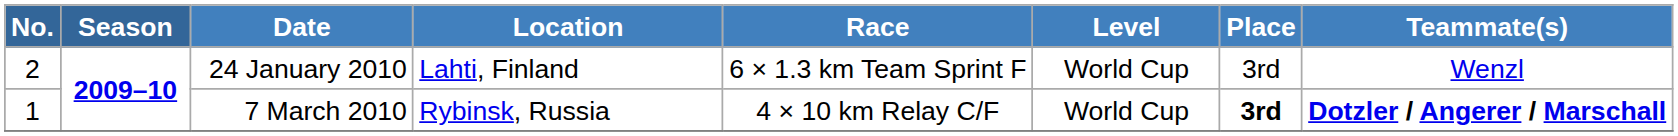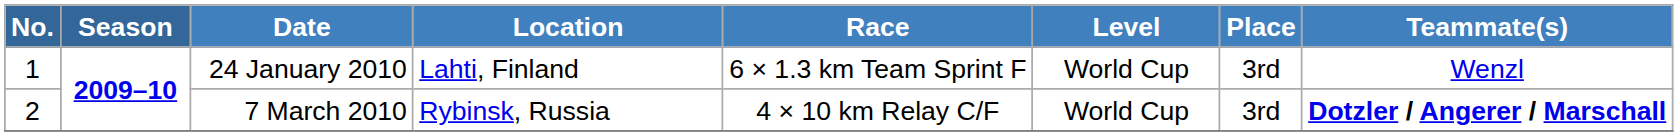 <table class="wikitable sortable" style="font-size:95%; text-align:center; border:grey solid 1px; border-collapse:collapse; background:#ffffff;">
 <tr style="background:#efefef;">
 <th style="background-color:#369; color:white;">No.</th>
 <th style="background-color:#369; color:white;">Season</th>
 <th style="background-color:#4180be; color:white; width:120px;">Date</th>
 <th style="background-color:#4180be; color:white; width:170px;">Location</th>
 <th style="background-color:#4180be; color:white; width:170px;">Race</th>
 <th style="background-color:#4180be; color:white; width:100px;">Level</th>
 <th style="background-color:#4180be; color:white;">Place</th>
 <th style="background-color:#4180be; color:white;">Teammate(s)</th>
 </tr>
 <tr>
-<td align=center>2</td>
+<td align=center>1</td>
 <td rowspan=2 align=center><strong> <a href='#'>2009–10</a> </strong></td>
 <td align=right>24 January 2010</td>
 <td align=left> <a href='#'>Lahti</a>, Finland</td>
 <td>6 × 1.3 km Team Sprint F</td>
 <td>World Cup</td>
 <td>3rd</td>
 <td><a href='#'>Wenzl</a></td>
 </tr>
 <tr>
-<td align=center>1</td>
+<td align=center>2</td>
 <td align=right>7 March 2010</td>
 <td align=left> <a href='#'>Rybinsk</a>, Russia</td>
 <td>4 × 10 km Relay C/F</td>
 <td>World Cup</td>
-<td><strong>3rd</strong></td>
+<td>3rd</td>
 <td><strong><a href='#'>Dotzler</a> / <a href='#'>Angerer</a> / <a href='#'>Marschall</a></strong></td>
 </tr>
 <tr>
 </tr>
 </table>
